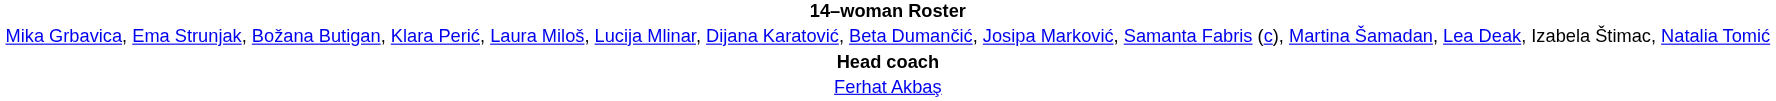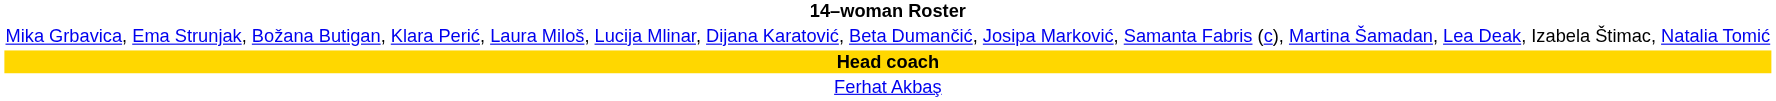 <table style="text-align:center; margin-top:2em; margin-left:auto; margin-right:auto">
 <tr>
 <td><strong>14–woman Roster</strong></td>
 </tr>
 <tr>
 <td><a href='#'>Mika Grbavica</a>, <a href='#'>Ema Strunjak</a>, <a href='#'>Božana Butigan</a>, <a href='#'>Klara Perić</a>, <a href='#'>Laura Miloš</a>, <a href='#'>Lucija Mlinar</a>, <a href='#'>Dijana Karatović</a>, <a href='#'>Beta Dumančić</a>, <a href='#'>Josipa Marković</a>, <a href='#'>Samanta Fabris</a> (<a href='#'>c</a>), <a href='#'>Martina Šamadan</a>, <a href='#'>Lea Deak</a>, Izabela Štimac, <a href='#'>Natalia Tomić</a></td>
 </tr>
 <tr>
-<td><strong>Head coach</strong></td>
+<td style="background: gold;"><strong>Head coach</strong></td>
 </tr>
 <tr>
 <td> <a href='#'>Ferhat Akbaş</a></td>
 </tr>
 </table>
